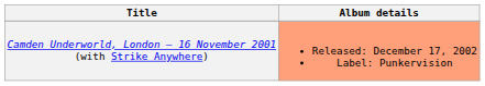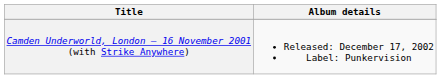 <table class="wikitable plainrowheaders" style="text-align:center;" border="1">
 <tr>
 <th rowspan="1" scope="col">Title</th>
 <th rowspan="1" scope="col">Album details</th>
 </tr>
 <tr>
 </tr>
 <tr>
 <th scope="row" style="font-weight:normal;"><em><a href='#'>Camden Underworld, London – 16 November 2001</a></em><br><span>(with <a href='#'>Strike Anywhere</a>)</span></th>
-<td style="background: lightsalmon;"><br><ul><li>Released: December 17, 2002</li><li>Label: Punkervision</li></ul></td>
+<td><br><ul><li>Released: December 17, 2002</li><li>Label: Punkervision</li></ul></td>
 </tr>
 </table>
